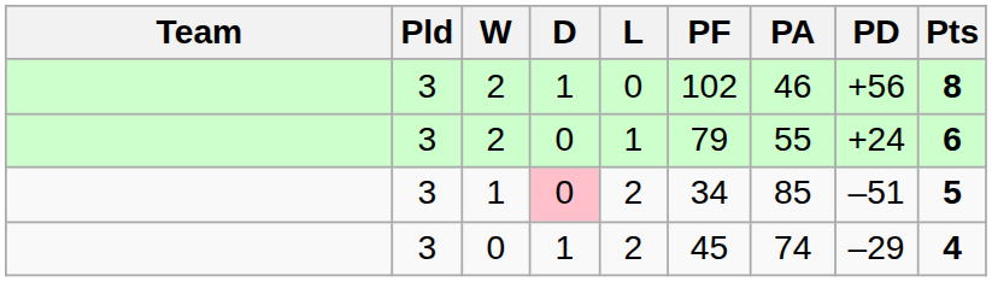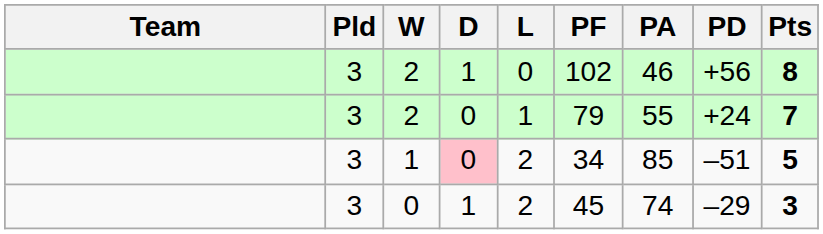 <table class="wikitable" style="text-align:center;">
 <tr>
 <th width=175>Team</th>
 <th width=25 abbr="Played">Pld</th>
 <th width=25 abbr="Won">W</th>
 <th width=25 abbr="Drawn">D</th>
 <th width=25 abbr="Lost">L</th>
 <th width=32 abbr="Points for">PF</th>
 <th width=32 abbr="Points against">PA</th>
 <th width=32 abbr="Points difference">PD</th>
 <th width=25 abbr="Points">Pts</th>
 </tr>
 <tr bgcolor=ccffcc>
 <td align=left></td>
 <td>3</td>
 <td>2</td>
 <td>1</td>
 <td>0</td>
 <td>102</td>
 <td>46</td>
 <td>+56</td>
 <td><strong>8</strong></td>
 </tr>
 <tr bgcolor=ccffcc>
 <td align=left></td>
 <td>3</td>
 <td>2</td>
 <td>0</td>
 <td>1</td>
 <td>79</td>
 <td>55</td>
 <td>+24</td>
-<td><strong>6</strong></td>
+<td><strong>7</strong></td>
 </tr>
 <tr>
 <td align=left></td>
 <td>3</td>
 <td>1</td>
 <td style="background: pink;">0</td>
 <td>2</td>
 <td>34</td>
 <td>85</td>
 <td>–51</td>
 <td><strong>5</strong></td>
 </tr>
 <tr>
 <td align=left></td>
 <td>3</td>
 <td>0</td>
 <td>1</td>
 <td>2</td>
 <td>45</td>
 <td>74</td>
 <td>–29</td>
-<td><strong>4</strong></td>
+<td><strong>3</strong></td>
 </tr>
 </table>
